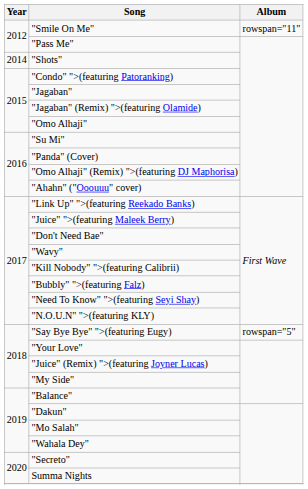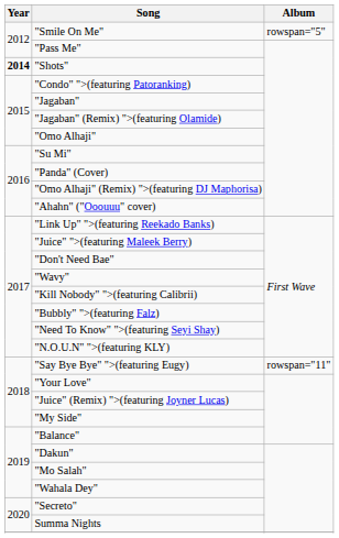 <table class="wikitable sortable">
 <tr>
 <th>Year</th>
 <th>Song</th>
 <th>Album</th>
 </tr>
 <tr>
 <td rowspan="2">2012</td>
 <td>"Smile On Me"</td>
-<td>rowspan="11" </td>
+<td>rowspan="5" </td>
 </tr>
 <tr>
 <td>"Pass Me"</td>
 </tr>
 <tr>
-<td>2014</td>
+<td><strong>2014</strong></td>
 <td>"Shots"</td>
 </tr>
 <tr>
 <td rowspan="4">2015</td>
 <td>"Condo"  <span>">(featuring <a href='#'>Patoranking</a>)</span></td>
 </tr>
 <tr>
 <td>"Jagaban"</td>
 </tr>
 <tr>
 <td>"Jagaban" (Remix) <span>">(featuring <a href='#'>Olamide</a>)</span></td>
 </tr>
 <tr>
 <td>"Omo Alhaji"</td>
 </tr>
 <tr>
 <td rowspan="4">2016</td>
 <td>"Su Mi"</td>
 </tr>
 <tr>
 <td>"Panda" (Cover)</td>
 </tr>
 <tr>
 <td>"Omo Alhaji" (Remix) <span>">(featuring <a href='#'>DJ Maphorisa</a>)</span></td>
 </tr>
 <tr>
 <td>"Ahahn" ("<a href='#'>Ooouuu</a>" cover)</td>
 </tr>
 <tr>
 <td rowspan="8">2017</td>
 <td>"Link Up" <span>">(featuring <a href='#'>Reekado Banks</a>)</span></td>
 <td rowspan="8"><em>First Wave</em></td>
 </tr>
 <tr>
 <td>"Juice" <span>">(featuring <a href='#'>Maleek Berry</a>)</span></td>
 </tr>
 <tr>
 <td>"Don't Need Bae"</td>
 </tr>
 <tr>
 <td>"Wavy"</td>
 </tr>
 <tr>
 <td>"Kill Nobody" <span>">(featuring Calibrii)</span></td>
 </tr>
 <tr>
 <td>"Bubbly" <span>">(featuring <a href='#'>Falz</a>)</span></td>
 </tr>
 <tr>
 <td>"Need To Know" <span>">(featuring <a href='#'>Seyi Shay</a>)</span></td>
 </tr>
 <tr>
 <td>"N.O.U.N" <span>">(featuring KLY)</span></td>
 </tr>
 <tr>
 <td rowspan="4">2018</td>
 <td>"Say Bye Bye" <span>">(featuring Eugy)</span></td>
-<td>rowspan="5" </td>
+<td>rowspan="11" </td>
 </tr>
 <tr>
 <td>"Your Love"</td>
 </tr>
 <tr>
 <td>"Juice" (Remix) <span>">(featuring <a href='#'>Joyner Lucas</a>)</span></td>
 </tr>
 <tr>
 <td>"My Side"</td>
 </tr>
 <tr>
 <td rowspan="4">2019</td>
 <td>"Balance"</td>
 </tr>
 <tr>
 <td>"Dakun"</td>
 <td rowspan="12"></td>
 </tr>
 <tr>
 <td>"Mo Salah"</td>
 </tr>
 <tr>
 <td>"Wahala Dey"</td>
 </tr>
 <tr>
 <td rowspan="2">2020</td>
 <td>"Secreto"</td>
 </tr>
 <tr>
 <td>Summa Nights</td>
 </tr>
 <tr>
 </tr>
 <tr "It's Amazing">
 </tr>
 <tr "Man" >
 </tr>
 <tr "Bossing" >
 </tr>
 <tr "Baseline" >
 </tr>
 <tr "Cheque">
 </tr>
 <tr "Vacancy">
 </tr>
 <tr "Dada" >
 </tr>
 </table>
